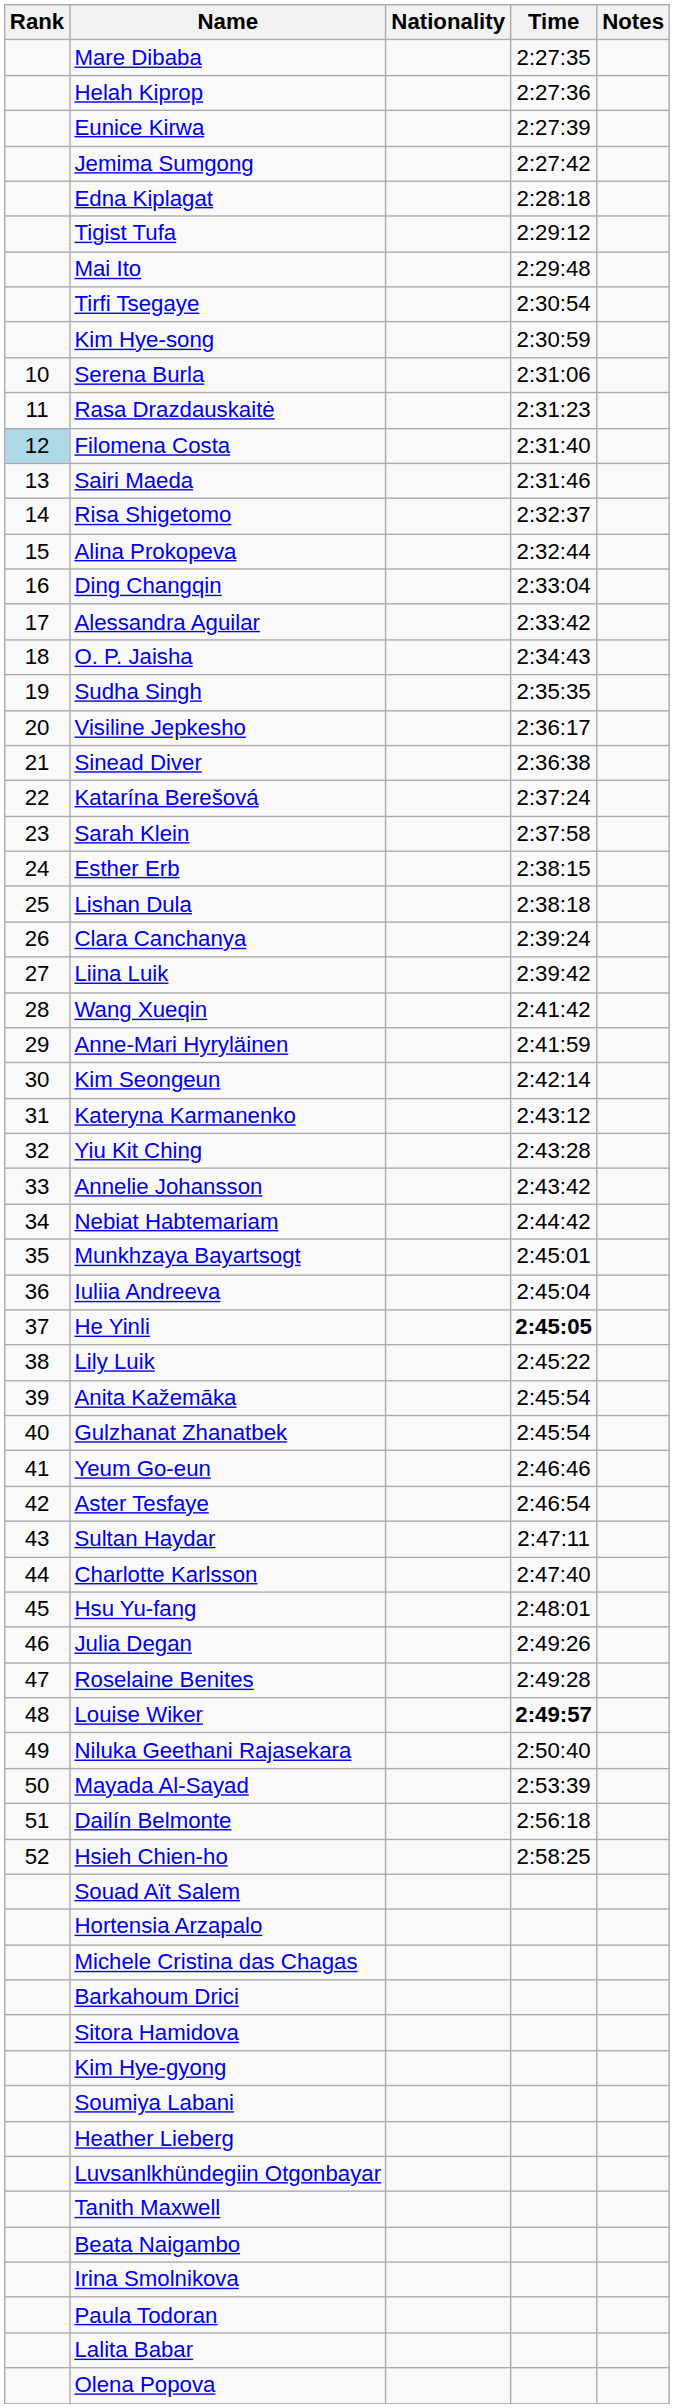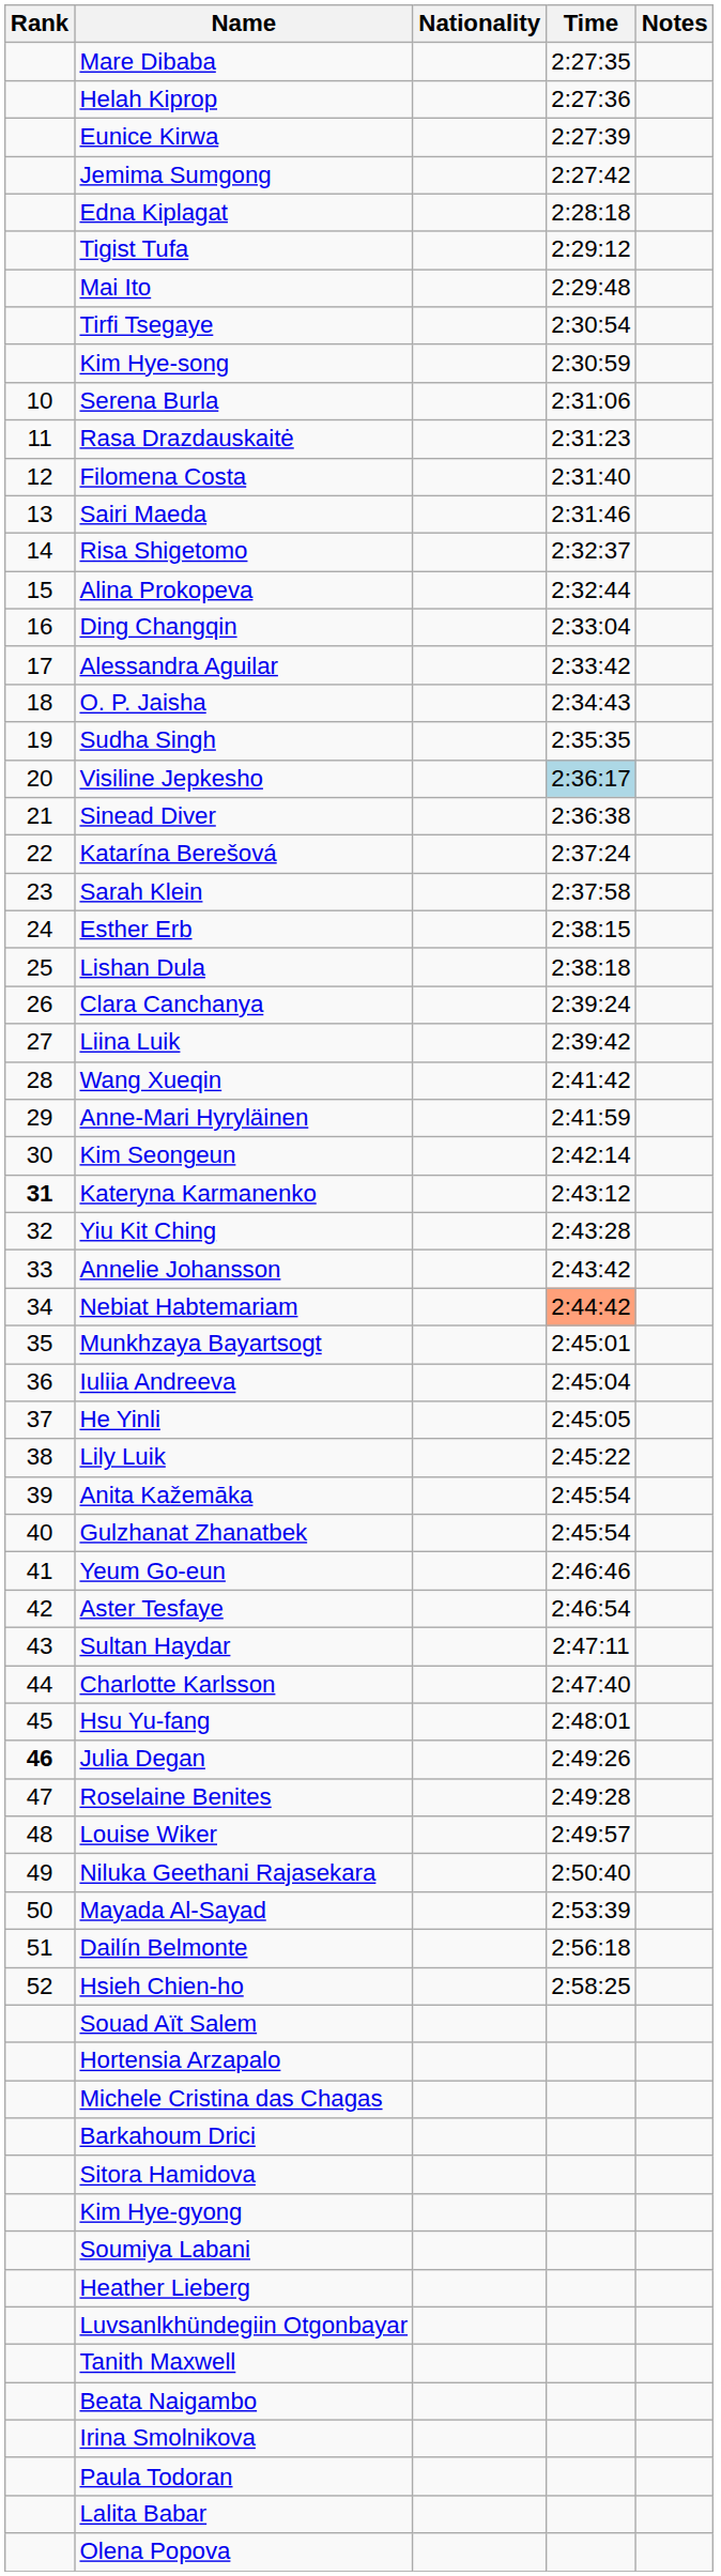 <table class="wikitable sortable" style="text-align:center">
 <tr>
 <th>Rank</th>
 <th>Name</th>
 <th>Nationality</th>
 <th>Time</th>
 <th>Notes</th>
 </tr>
 <tr>
 <td></td>
 <td align=left><a href='#'>Mare Dibaba</a></td>
 <td align=left></td>
 <td>2:27:35</td>
 <td></td>
 </tr>
 <tr>
 <td></td>
 <td align=left><a href='#'>Helah Kiprop</a></td>
 <td align=left></td>
 <td>2:27:36</td>
 <td></td>
 </tr>
 <tr>
 <td></td>
 <td align=left><a href='#'>Eunice Kirwa</a></td>
 <td align=left></td>
 <td>2:27:39</td>
 <td></td>
 </tr>
 <tr>
 <td></td>
 <td align=left><a href='#'>Jemima Sumgong</a></td>
 <td align=left></td>
 <td>2:27:42</td>
 <td></td>
 </tr>
 <tr>
 <td></td>
 <td align=left><a href='#'>Edna Kiplagat</a></td>
 <td align=left></td>
 <td>2:28:18</td>
 <td></td>
 </tr>
 <tr>
 <td></td>
 <td align=left><a href='#'>Tigist Tufa</a></td>
 <td align=left></td>
 <td>2:29:12</td>
 <td></td>
 </tr>
 <tr>
 <td></td>
 <td align=left><a href='#'>Mai Ito</a></td>
 <td align=left></td>
 <td>2:29:48</td>
 <td></td>
 </tr>
 <tr>
 <td></td>
 <td align=left><a href='#'>Tirfi Tsegaye</a></td>
 <td align=left></td>
 <td>2:30:54</td>
 <td></td>
 </tr>
 <tr>
 <td></td>
 <td align=left><a href='#'>Kim Hye-song</a></td>
 <td align=left></td>
 <td>2:30:59</td>
 <td></td>
 </tr>
 <tr>
 <td>10</td>
 <td align=left><a href='#'>Serena Burla</a></td>
 <td align=left></td>
 <td>2:31:06</td>
 <td></td>
 </tr>
 <tr>
 <td>11</td>
 <td align=left><a href='#'>Rasa Drazdauskaitė</a></td>
 <td align=left></td>
 <td>2:31:23</td>
 <td></td>
 </tr>
 <tr>
-<td style="background: lightblue;">12</td>
+<td>12</td>
 <td align=left><a href='#'>Filomena Costa</a></td>
 <td align=left></td>
 <td>2:31:40</td>
 <td></td>
 </tr>
 <tr>
 <td>13</td>
 <td align=left><a href='#'>Sairi Maeda</a></td>
 <td align=left></td>
 <td>2:31:46</td>
 <td></td>
 </tr>
 <tr>
 <td>14</td>
 <td align=left><a href='#'>Risa Shigetomo</a></td>
 <td align=left></td>
 <td>2:32:37</td>
 <td></td>
 </tr>
 <tr>
 <td>15</td>
 <td align=left><a href='#'>Alina Prokopeva</a></td>
 <td align=left></td>
 <td>2:32:44</td>
 <td></td>
 </tr>
 <tr>
 <td>16</td>
 <td align=left><a href='#'>Ding Changqin</a></td>
 <td align=left></td>
 <td>2:33:04</td>
 <td></td>
 </tr>
 <tr>
 <td>17</td>
 <td align=left><a href='#'>Alessandra Aguilar</a></td>
 <td align=left></td>
 <td>2:33:42</td>
 <td></td>
 </tr>
 <tr>
 <td>18</td>
 <td align=left><a href='#'>O. P. Jaisha</a></td>
 <td align=left></td>
 <td>2:34:43</td>
 <td></td>
 </tr>
 <tr>
 <td>19</td>
 <td align=left><a href='#'>Sudha Singh</a></td>
 <td align=left></td>
 <td>2:35:35</td>
 <td></td>
 </tr>
 <tr>
 <td>20</td>
 <td align=left><a href='#'>Visiline Jepkesho</a></td>
 <td align=left></td>
-<td>2:36:17</td>
+<td style="background: lightblue;">2:36:17</td>
 <td></td>
 </tr>
 <tr>
 <td>21</td>
 <td align=left><a href='#'>Sinead Diver</a></td>
 <td align=left></td>
 <td>2:36:38</td>
 <td></td>
 </tr>
 <tr>
 <td>22</td>
 <td align=left><a href='#'>Katarína Berešová</a></td>
 <td align=left></td>
 <td>2:37:24</td>
 <td></td>
 </tr>
 <tr>
 <td>23</td>
 <td align=left><a href='#'>Sarah Klein</a></td>
 <td align=left></td>
 <td>2:37:58</td>
 <td></td>
 </tr>
 <tr>
 <td>24</td>
 <td align=left><a href='#'>Esther Erb</a></td>
 <td align=left></td>
 <td>2:38:15</td>
 <td></td>
 </tr>
 <tr>
 <td>25</td>
 <td align=left><a href='#'>Lishan Dula</a></td>
 <td align=left></td>
 <td>2:38:18</td>
 <td></td>
 </tr>
 <tr>
 <td>26</td>
 <td align=left><a href='#'>Clara Canchanya</a></td>
 <td align=left></td>
 <td>2:39:24</td>
 <td></td>
 </tr>
 <tr>
 <td>27</td>
 <td align=left><a href='#'>Liina Luik</a></td>
 <td align=left></td>
 <td>2:39:42</td>
 <td></td>
 </tr>
 <tr>
 <td>28</td>
 <td align=left><a href='#'>Wang Xueqin</a></td>
 <td align=left></td>
 <td>2:41:42</td>
 <td></td>
 </tr>
 <tr>
 <td>29</td>
 <td align=left><a href='#'>Anne-Mari Hyryläinen</a></td>
 <td align=left></td>
 <td>2:41:59</td>
 <td></td>
 </tr>
 <tr>
 <td>30</td>
 <td align=left><a href='#'>Kim Seongeun</a></td>
 <td align=left></td>
 <td>2:42:14</td>
 <td></td>
 </tr>
 <tr>
-<td>31</td>
+<td><strong>31</strong></td>
 <td align=left><a href='#'>Kateryna Karmanenko</a></td>
 <td align=left></td>
 <td>2:43:12</td>
 <td></td>
 </tr>
 <tr>
 <td>32</td>
 <td align=left><a href='#'>Yiu Kit Ching</a></td>
 <td align=left></td>
 <td>2:43:28</td>
 <td></td>
 </tr>
 <tr>
 <td>33</td>
 <td align=left><a href='#'>Annelie Johansson</a></td>
 <td align=left></td>
 <td>2:43:42</td>
 <td></td>
 </tr>
 <tr>
 <td>34</td>
 <td align=left><a href='#'>Nebiat Habtemariam</a></td>
 <td align=left></td>
-<td>2:44:42</td>
+<td style="background: lightsalmon;">2:44:42</td>
 <td></td>
 </tr>
 <tr>
 <td>35</td>
 <td align=left><a href='#'>Munkhzaya Bayartsogt</a></td>
 <td align=left></td>
 <td>2:45:01</td>
 <td></td>
 </tr>
 <tr>
 <td>36</td>
 <td align=left><a href='#'>Iuliia Andreeva</a></td>
 <td align=left></td>
 <td>2:45:04</td>
 <td></td>
 </tr>
 <tr>
 <td>37</td>
 <td align=left><a href='#'>He Yinli</a></td>
 <td align=left></td>
-<td><strong>2:45:05</strong></td>
+<td>2:45:05</td>
 <td></td>
 </tr>
 <tr>
 <td>38</td>
 <td align=left><a href='#'>Lily Luik</a></td>
 <td align=left></td>
 <td>2:45:22</td>
 <td></td>
 </tr>
 <tr>
 <td>39</td>
 <td align=left><a href='#'>Anita Kažemāka</a></td>
 <td align=left></td>
 <td>2:45:54</td>
 <td></td>
 </tr>
 <tr>
 <td>40</td>
 <td align=left><a href='#'>Gulzhanat Zhanatbek</a></td>
 <td align=left></td>
 <td>2:45:54</td>
 <td></td>
 </tr>
 <tr>
 <td>41</td>
 <td align=left><a href='#'>Yeum Go-eun</a></td>
 <td align=left></td>
 <td>2:46:46</td>
 <td></td>
 </tr>
 <tr>
 <td>42</td>
 <td align=left><a href='#'>Aster Tesfaye</a></td>
 <td align=left></td>
 <td>2:46:54</td>
 <td></td>
 </tr>
 <tr>
 <td>43</td>
 <td align=left><a href='#'>Sultan Haydar</a></td>
 <td align=left></td>
 <td>2:47:11</td>
 <td></td>
 </tr>
 <tr>
 <td>44</td>
 <td align=left><a href='#'>Charlotte Karlsson</a></td>
 <td align=left></td>
 <td>2:47:40</td>
 <td></td>
 </tr>
 <tr>
 <td>45</td>
 <td align=left><a href='#'>Hsu Yu-fang</a></td>
 <td align=left></td>
 <td>2:48:01</td>
 <td></td>
 </tr>
 <tr>
-<td>46</td>
+<td><strong>46</strong></td>
 <td align=left><a href='#'>Julia Degan</a></td>
 <td align=left></td>
 <td>2:49:26</td>
 <td></td>
 </tr>
 <tr>
 <td>47</td>
 <td align=left><a href='#'>Roselaine Benites</a></td>
 <td align=left></td>
 <td>2:49:28</td>
 <td></td>
 </tr>
 <tr>
 <td>48</td>
 <td align=left><a href='#'>Louise Wiker</a></td>
 <td align=left></td>
-<td><strong>2:49:57</strong></td>
+<td>2:49:57</td>
 <td></td>
 </tr>
 <tr>
 <td>49</td>
 <td align=left><a href='#'>Niluka Geethani Rajasekara</a></td>
 <td align=left></td>
 <td>2:50:40</td>
 <td></td>
 </tr>
 <tr>
 <td>50</td>
 <td align=left><a href='#'>Mayada Al-Sayad</a></td>
 <td align=left></td>
 <td>2:53:39</td>
 <td></td>
 </tr>
 <tr>
 <td>51</td>
 <td align=left><a href='#'>Dailín Belmonte</a></td>
 <td align=left></td>
 <td>2:56:18</td>
 <td></td>
 </tr>
 <tr>
 <td>52</td>
 <td align=left><a href='#'>Hsieh Chien-ho</a></td>
 <td align=left></td>
 <td>2:58:25</td>
 <td></td>
 </tr>
 <tr>
 <td></td>
 <td align=left><a href='#'>Souad Aït Salem</a></td>
 <td align=left></td>
 <td></td>
 <td></td>
 </tr>
 <tr>
 <td></td>
 <td align=left><a href='#'>Hortensia Arzapalo</a></td>
 <td align=left></td>
 <td></td>
 <td></td>
 </tr>
 <tr>
 <td></td>
 <td align=left><a href='#'>Michele Cristina das Chagas</a></td>
 <td align=left></td>
 <td></td>
 <td></td>
 </tr>
 <tr>
 <td></td>
 <td align=left><a href='#'>Barkahoum Drici</a></td>
 <td align=left></td>
 <td></td>
 <td></td>
 </tr>
 <tr>
 <td></td>
 <td align=left><a href='#'>Sitora Hamidova</a></td>
 <td align=left></td>
 <td></td>
 <td></td>
 </tr>
 <tr>
 <td></td>
 <td align=left><a href='#'>Kim Hye-gyong</a></td>
 <td align=left></td>
 <td></td>
 <td></td>
 </tr>
 <tr>
 <td></td>
 <td align=left><a href='#'>Soumiya Labani</a></td>
 <td align=left></td>
 <td></td>
 <td></td>
 </tr>
 <tr>
 <td></td>
 <td align=left><a href='#'>Heather Lieberg</a></td>
 <td align=left></td>
 <td></td>
 <td></td>
 </tr>
 <tr>
 <td></td>
 <td align=left><a href='#'>Luvsanlkhündegiin Otgonbayar</a></td>
 <td align=left></td>
 <td></td>
 <td></td>
 </tr>
 <tr>
 <td></td>
 <td align=left><a href='#'>Tanith Maxwell</a></td>
 <td align=left></td>
 <td></td>
 <td></td>
 </tr>
 <tr>
 <td></td>
 <td align=left><a href='#'>Beata Naigambo</a></td>
 <td align=left></td>
 <td></td>
 <td></td>
 </tr>
 <tr>
 <td></td>
 <td align=left><a href='#'>Irina Smolnikova</a></td>
 <td align=left></td>
 <td></td>
 <td></td>
 </tr>
 <tr>
 <td></td>
 <td align=left><a href='#'>Paula Todoran</a></td>
 <td align=left></td>
 <td></td>
 <td></td>
 </tr>
 <tr>
 <td></td>
 <td align=left><a href='#'>Lalita Babar</a></td>
 <td align=left></td>
 <td></td>
 <td></td>
 </tr>
 <tr>
 <td></td>
 <td align=left><a href='#'>Olena Popova</a></td>
 <td align=left></td>
 <td></td>
 <td></td>
 </tr>
 </table>
